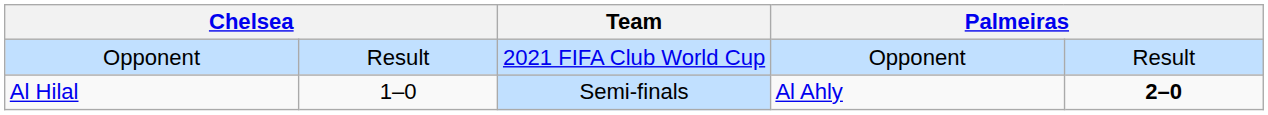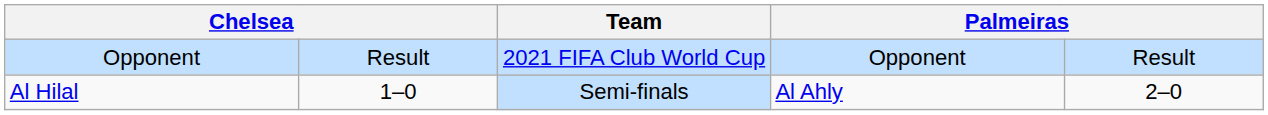 <table class="wikitable">
 <tr>
 <th width=350 colspan=2> <a href='#'>Chelsea</a></th>
 <th>Team</th>
 <th width=350 colspan=2> <a href='#'>Palmeiras</a></th>
 </tr>
 <tr style="background:#C1E0FF">
 <td align=center>Opponent</td>
 <td align=center>Result</td>
 <td align=center><a href='#'>2021 FIFA Club World Cup</a></td>
 <td align=center>Opponent</td>
 <td align=center>Result</td>
 </tr>
 <tr>
 <td> <a href='#'>Al Hilal</a></td>
 <td align=center>1–0</td>
 <td align=center style="background:#C1E0FF">Semi-finals</td>
 <td> <a href='#'>Al Ahly</a></td>
-<td align=center><strong>2–0</strong></td>
+<td align=center>2–0</td>
 </tr>
 </table>
